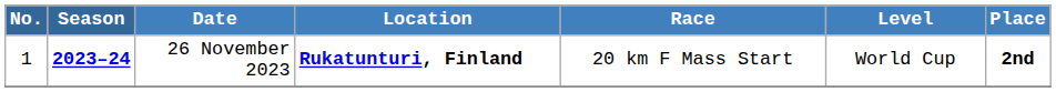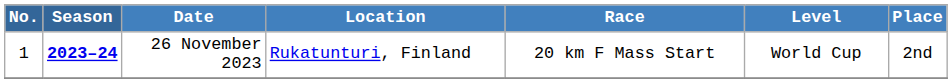 <table class="wikitable sortable" style="font-size:95%; text-align:center; border:grey solid 1px; border-collapse:collapse; background:#ffffff;">
 <tr style="background:#efefef;">
 <th style="background-color:#369; color:white;">No.</th>
 <th style="background-color:#369; color:white;">Season</th>
 <th style="background-color:#4180be; color:white; width:100px;">Date</th>
 <th style="background-color:#4180be; color:white; width:170px;">Location</th>
 <th style="background-color:#4180be; color:white; width:170px;">Race</th>
 <th style="background-color:#4180be; color:white; width:100px;">Level</th>
 <th style="background-color:#4180be; color:white;">Place</th>
 </tr>
 <tr>
 <td align=center>1</td>
 <td align=center><strong><a href='#'>2023–24</a></strong></td>
 <td align=right>26 November 2023</td>
-<td align=left><strong> <a href='#'>Rukatunturi</a>, Finland</strong></td>
+<td align=left> <a href='#'>Rukatunturi</a>, Finland</td>
 <td>20 km F Mass Start</td>
 <td>World Cup</td>
-<td><strong>2nd</strong></td>
+<td>2nd</td>
 </tr>
 <tr>
 </tr>
 </table>
